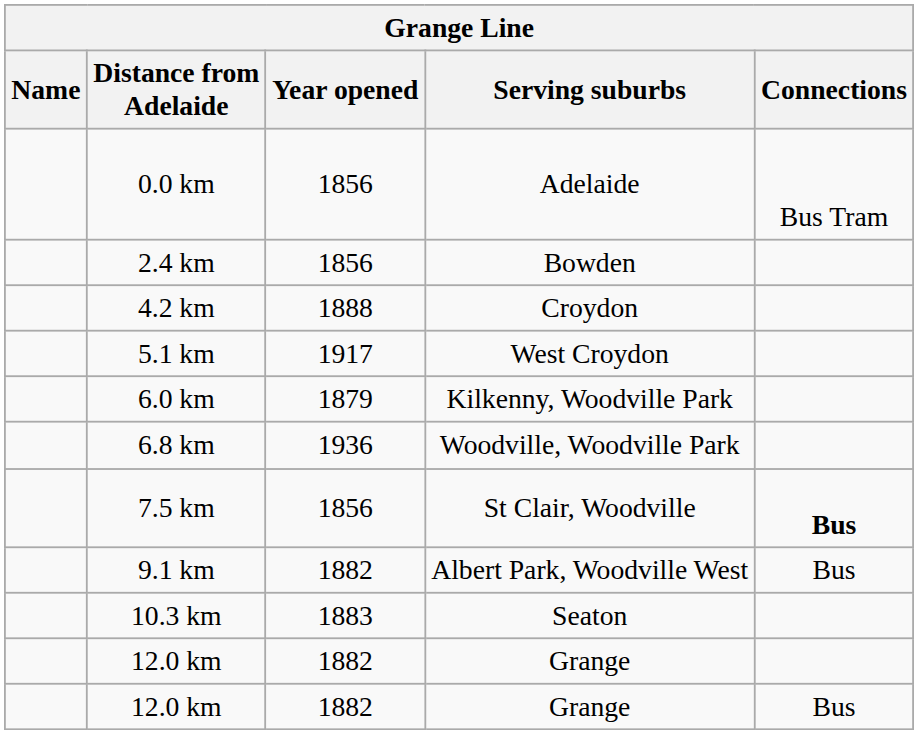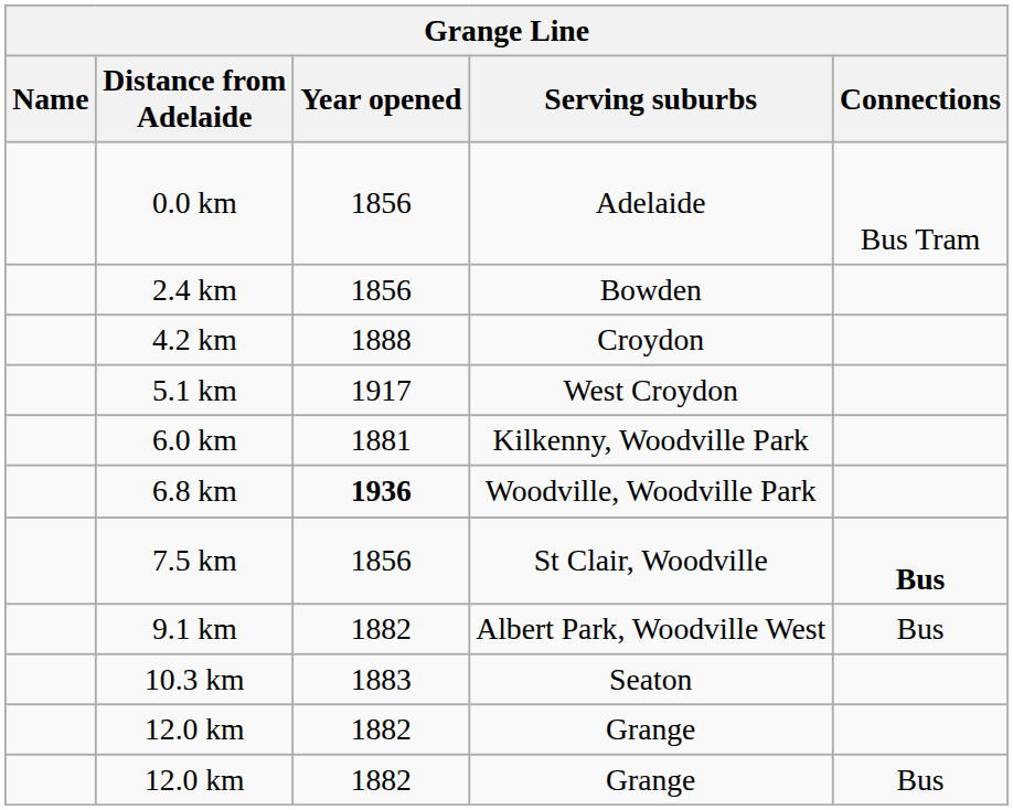 <table class="wikitable" style="font-size:95%; text-align:center;">
 <tr>
 <th colspan=7 style=background:#><span>Grange Line</span></th>
 </tr>
 <tr>
 <th>Name</th>
 <th>Distance from<br>Adelaide</th>
 <th>Year opened</th>
 <th>Serving suburbs</th>
 <th>Connections</th>
 </tr>
 <tr>
 <td><strong></strong></td>
 <td>0.0 km</td>
 <td>1856</td>
 <td>Adelaide</td>
 <td>  <br><br> Bus  Tram</td>
 </tr>
 <tr>
 <td><strong></strong></td>
 <td>2.4 km</td>
 <td>1856</td>
 <td>Bowden</td>
 <td></td>
 </tr>
 <tr>
 <td><strong></strong></td>
 <td>4.2 km</td>
 <td>1888</td>
 <td>Croydon</td>
 <td></td>
 </tr>
 <tr>
 <td><strong></strong></td>
 <td>5.1 km</td>
 <td>1917</td>
 <td>West Croydon</td>
 <td></td>
 </tr>
 <tr>
 <td><strong></strong></td>
 <td>6.0 km</td>
-<td>1879</td>
+<td>1881</td>
 <td>Kilkenny, Woodville Park</td>
 <td></td>
 </tr>
 <tr>
 <td><strong></strong></td>
 <td>6.8 km</td>
-<td>1936</td>
+<td><strong>1936</strong></td>
 <td>Woodville, Woodville Park</td>
 <td></td>
 </tr>
 <tr>
 <td><strong></strong></td>
 <td>7.5 km</td>
 <td>1856</td>
 <td>St Clair, Woodville</td>
 <td><strong> <br> Bus</strong></td>
 </tr>
 <tr>
 <td><strong></strong></td>
 <td>9.1 km</td>
 <td>1882</td>
 <td>Albert Park, Woodville West</td>
 <td> Bus</td>
 </tr>
 <tr>
 <td><strong></strong></td>
 <td>10.3 km</td>
 <td>1883</td>
 <td>Seaton</td>
 <td></td>
 </tr>
 <tr>
 <td><strong></strong></td>
 <td>12.0 km</td>
 <td>1882</td>
 <td>Grange</td>
 <td></td>
 </tr>
 <tr>
 <td><strong></strong></td>
 <td>12.0 km</td>
 <td>1882</td>
 <td>Grange</td>
 <td> Bus</td>
 </tr>
 </table>
